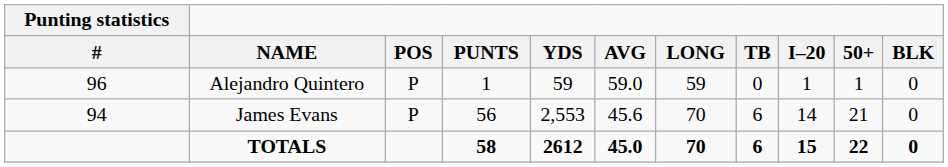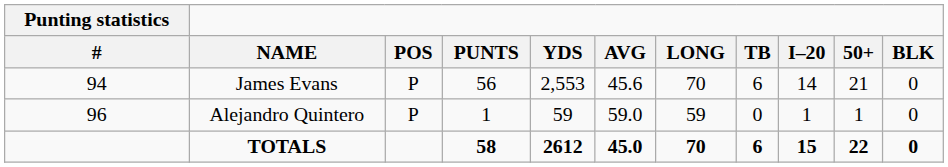 <table style="width:60%; text-align:center;" class="wikitable collapsible collapsed">
 <tr>
 <th style="text-align:center; ">Punting statistics</th>
 </tr>
 <tr>
 <th>#</th>
 <th>NAME</th>
 <th>POS</th>
 <th>PUNTS</th>
 <th>YDS</th>
 <th>AVG</th>
 <th>LONG</th>
 <th>TB</th>
 <th>I–20</th>
 <th>50+</th>
 <th>BLK</th>
 </tr>
 <tr>
+<td>94</td>
+<td>James Evans</td>
+<td>P</td>
+<td>56</td>
+<td>2,553</td>
+<td>45.6</td>
+<td>70</td>
+<td>6</td>
+<td>14</td>
+<td>21</td>
+<td>0</td>
+</tr>
+<tr>
 <td>96</td>
 <td>Alejandro Quintero</td>
 <td>P</td>
 <td>1</td>
 <td>59</td>
 <td>59.0</td>
 <td>59</td>
 <td>0</td>
 <td>1</td>
 <td>1</td>
-<td>0</td>
-</tr>
-<tr>
-<td>94</td>
-<td>James Evans</td>
-<td>P</td>
-<td>56</td>
-<td>2,553</td>
-<td>45.6</td>
-<td>70</td>
-<td>6</td>
-<td>14</td>
-<td>21</td>
 <td>0</td>
 </tr>
 <tr>
 <td></td>
 <td><strong>TOTALS</strong></td>
 <td></td>
 <td><strong>58</strong></td>
 <td><strong>2612</strong></td>
 <td><strong>45.0</strong></td>
 <td><strong>70</strong></td>
 <td><strong>6</strong></td>
 <td><strong>15</strong></td>
 <td><strong>22</strong></td>
 <td><strong>0</strong></td>
 </tr>
 </table>
